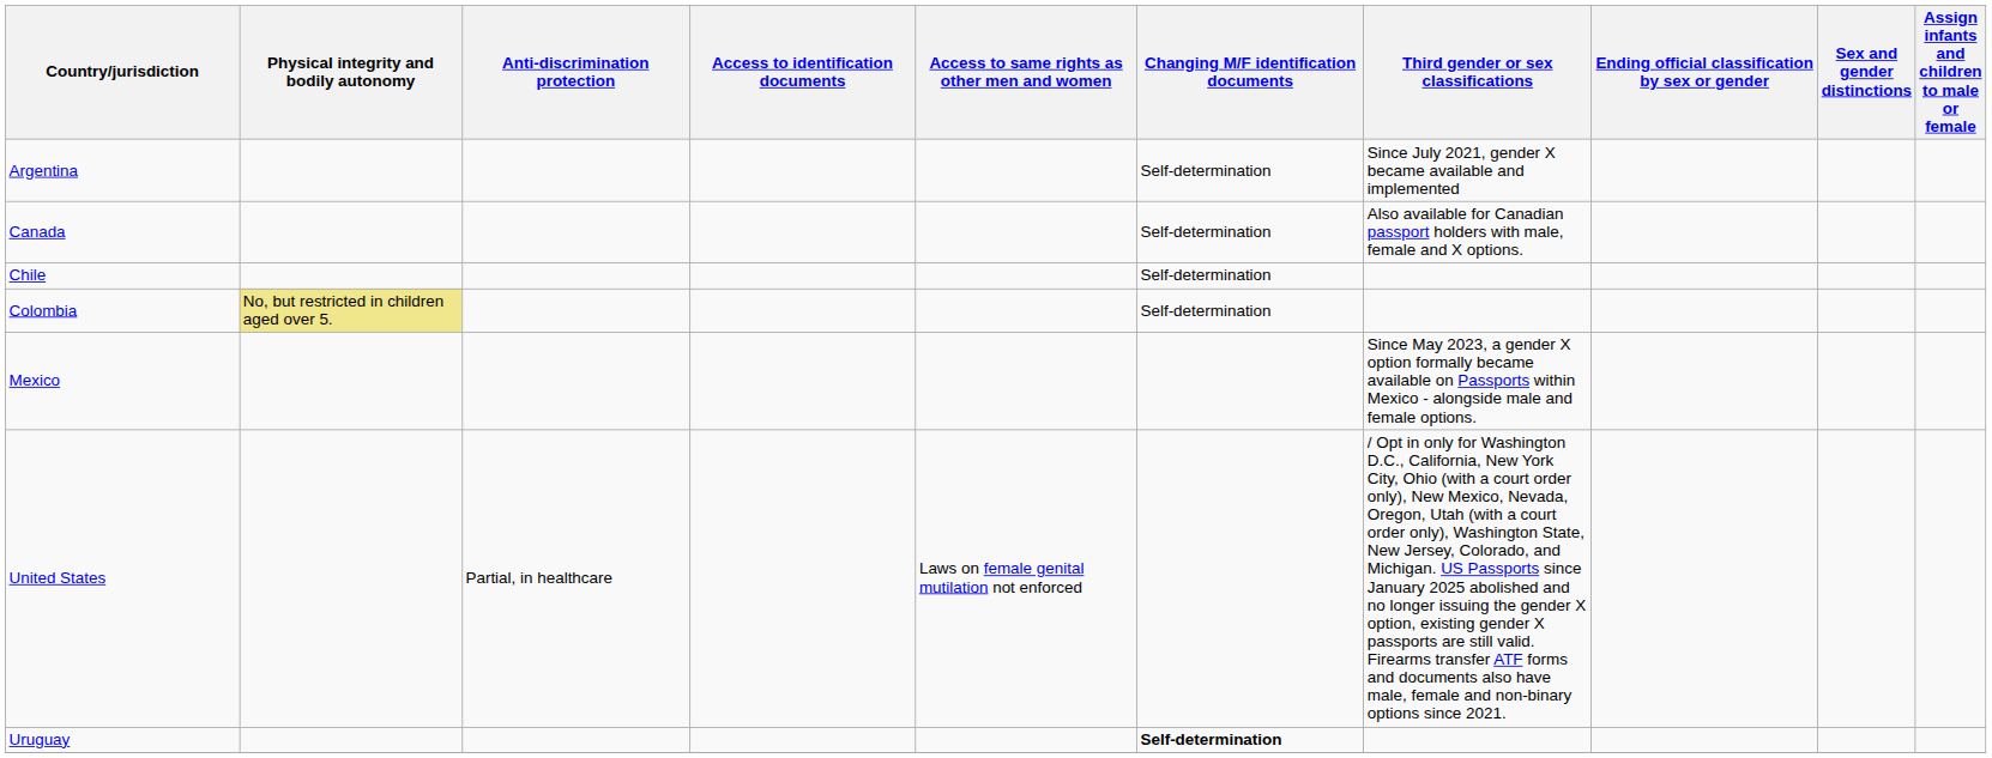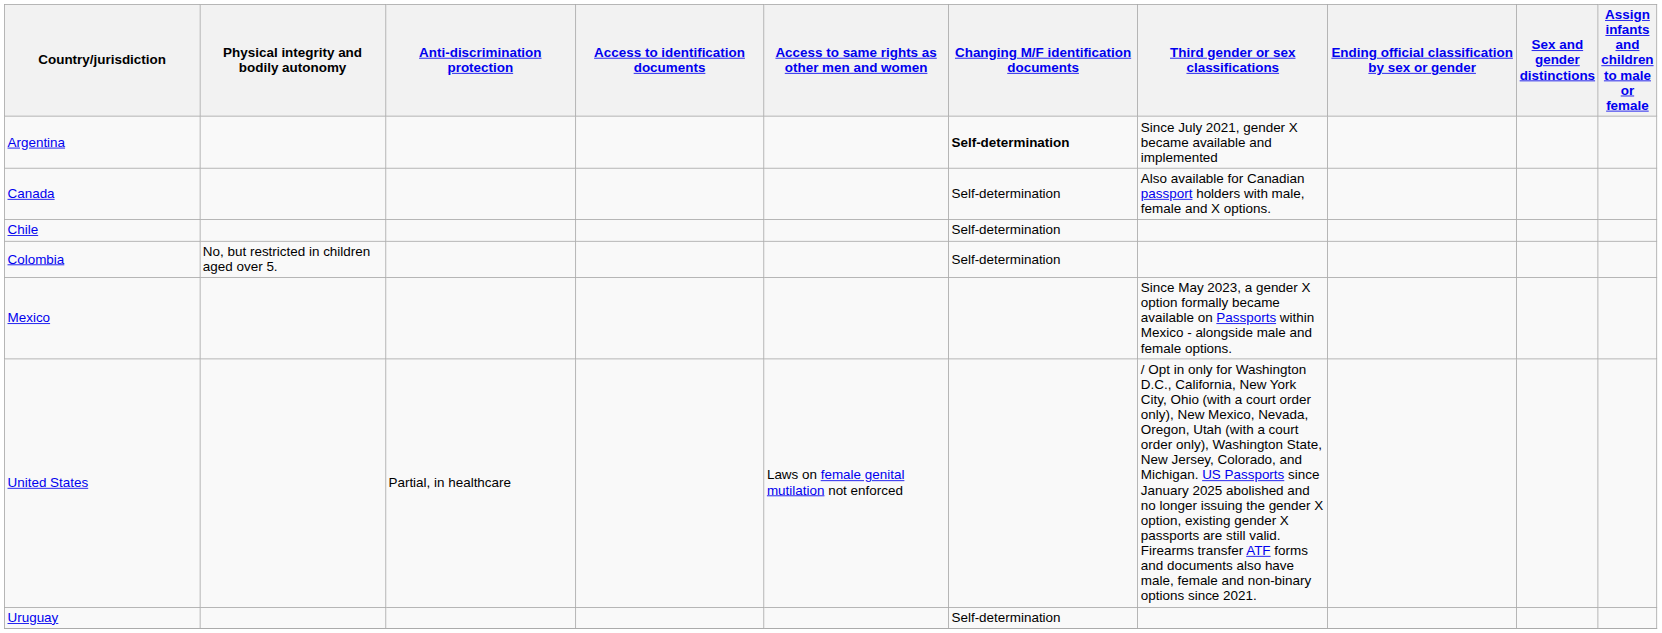 <table class="wikitable">
 <tr>
 <th width="12.5%">Country/jurisdiction</th>
 <th width="12.5%">Physical integrity and bodily autonomy</th>
 <th width="12.5%"><a href='#'>Anti-discrimination protection</a></th>
 <th width="12.5%"><a href='#'>Access to identification documents</a></th>
 <th width="12.5%"><a href='#'>Access to same rights as other men and women</a></th>
 <th width="12.5%"><a href='#'>Changing M/F identification documents</a></th>
 <th width="12.5%"><a href='#'>Third gender or sex classifications</a></th>
 <th width="12.5%"><a href='#'>Ending official classification by sex or gender</a></th>
 <th width="12.5%"><a href='#'>Sex and gender distinctions</a></th>
 <th width="12.5%"><a href='#'>Assign infants and children to male or female</a></th>
 </tr>
 <tr>
 <td> <a href='#'>Argentina</a></td>
 <td> </td>
 <td> </td>
 <td></td>
 <td></td>
-<td>  Self-determination</td>
+<td><strong>  Self-determination</strong></td>
 <td>  Since July 2021, gender X became available and implemented</td>
 <td></td>
 <td></td>
 <td></td>
 </tr>
 <tr>
 <td> <a href='#'>Canada</a></td>
 <td>  </td>
 <td> </td>
 <td> </td>
 <td></td>
 <td>  Self-determination</td>
 <td>  Also available for Canadian <a href='#'>passport</a> holders with male, female and X options.</td>
 <td></td>
 <td></td>
 <td></td>
 </tr>
 <tr>
 <td> <a href='#'>Chile</a></td>
 <td>  </td>
 <td> </td>
 <td> </td>
 <td></td>
 <td>  Self-determination</td>
 <td> </td>
 <td></td>
 <td></td>
 <td></td>
 </tr>
 <tr>
 <td> <a href='#'>Colombia</a></td>
-<td style="background: khaki;">   No, but restricted in children aged over 5.</td>
+<td>   No, but restricted in children aged over 5.</td>
 <td> </td>
 <td></td>
 <td></td>
 <td>  Self-determination</td>
 <td></td>
 <td></td>
 <td></td>
 <td></td>
 </tr>
 <tr>
 <td> <a href='#'>Mexico</a></td>
 <td> </td>
 <td> </td>
 <td></td>
 <td></td>
 <td></td>
 <td>  Since May 2023, a gender X option formally became available on <a href='#'>Passports</a> within Mexico - alongside male and female options.</td>
 <td></td>
 <td></td>
 <td></td>
 </tr>
 <tr>
 <td> <a href='#'>United States</a></td>
 <td> </td>
 <td> Partial, in healthcare</td>
 <td></td>
 <td>  Laws on <a href='#'>female genital mutilation</a> not enforced</td>
 <td></td>
 <td>/ Opt in only for Washington D.C., California, New York City, Ohio (with a court order only), New Mexico, Nevada, Oregon, Utah (with a court order only), Washington State, New Jersey, Colorado, and Michigan. <a href='#'>US Passports</a> since January 2025 abolished and no longer issuing the gender X option, existing gender X passports are still valid. Firearms transfer <a href='#'>ATF</a> forms and documents also have male, female and non-binary options since 2021.</td>
 <td></td>
 <td></td>
 <td></td>
 </tr>
 <tr>
 <td> <a href='#'>Uruguay</a></td>
 <td> </td>
 <td></td>
 <td></td>
 <td></td>
-<td><strong>  Self-determination</strong></td>
+<td>  Self-determination</td>
 <td> </td>
 <td></td>
 <td></td>
 <td></td>
 </tr>
 <tr>
 </tr>
 </table>
